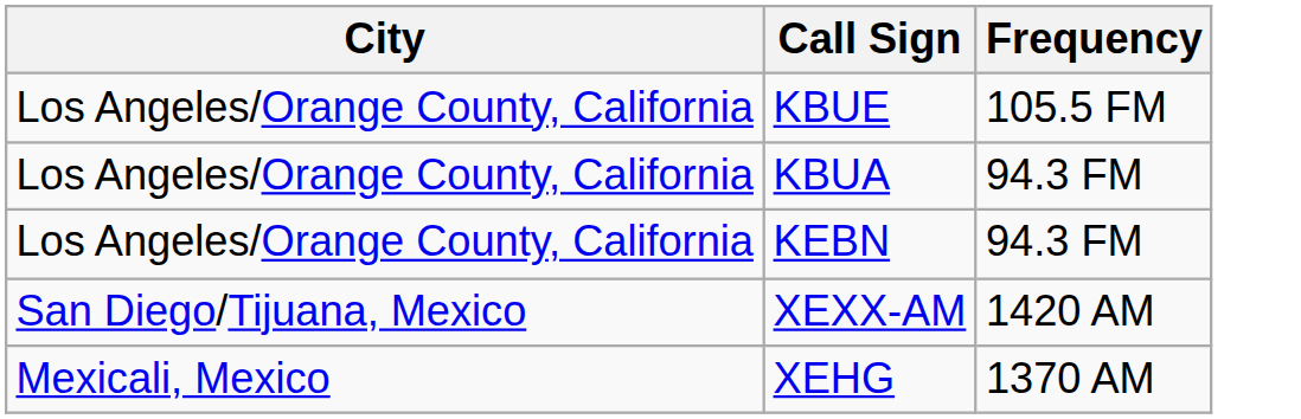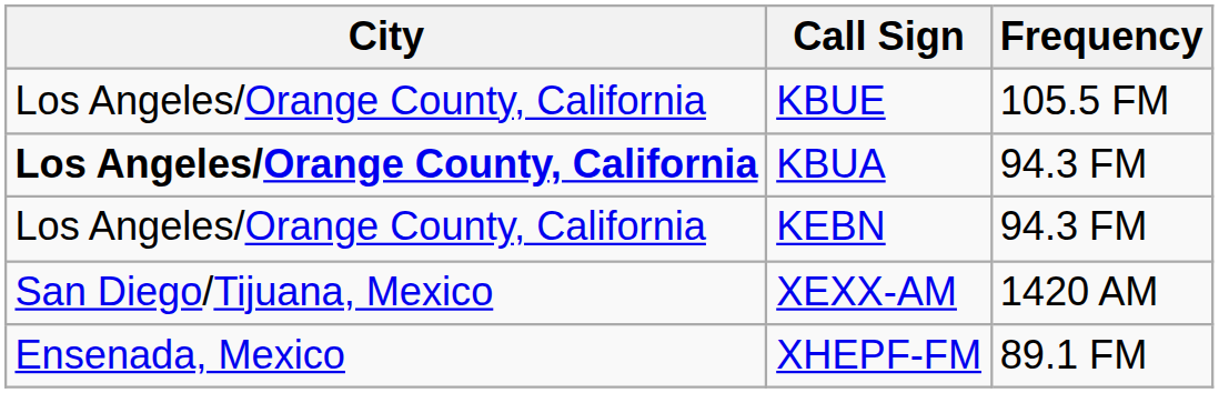 <table class="wikitable">
 <tr>
 <th>City</th>
 <th>Call Sign</th>
 <th>Frequency</th>
 </tr>
 <tr>
 <td>Los Angeles/<a href='#'>Orange County, California</a></td>
 <td><a href='#'>KBUE</a></td>
 <td>105.5 FM</td>
 </tr>
 <tr>
-<td>Los Angeles/<a href='#'>Orange County, California</a></td>
+<td><strong>Los Angeles/<a href='#'>Orange County, California</a></strong></td>
 <td><a href='#'>KBUA</a></td>
 <td>94.3 FM</td>
 </tr>
 <tr>
 <td>Los Angeles/<a href='#'>Orange County, California</a></td>
 <td><a href='#'>KEBN</a></td>
 <td>94.3 FM</td>
 </tr>
 <tr>
 <td><a href='#'>San Diego</a>/<a href='#'>Tijuana, Mexico</a></td>
 <td><a href='#'>XEXX-AM</a></td>
 <td>1420 AM</td>
 </tr>
 <tr>
-<td><a href='#'>Mexicali, Mexico</a></td>
-<td><a href='#'>XEHG</a></td>
-<td>1370 AM</td>
+<td><a href='#'>Ensenada, Mexico</a></td>
+<td><a href='#'>XHEPF-FM</a></td>
+<td>89.1 FM</td>
 </tr>
 </table>
